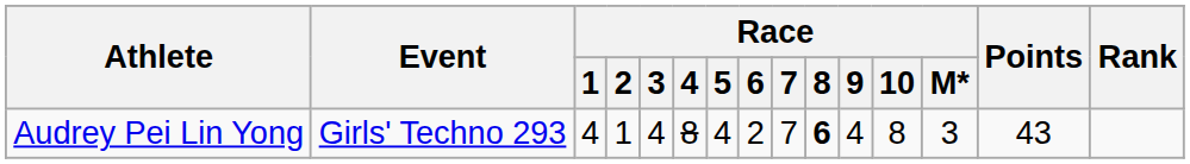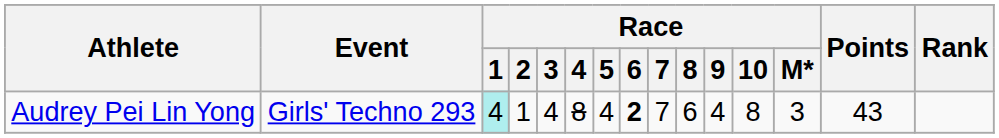 <table class="wikitable" border="1" style="font-size:90%">
 <tr>
 <th rowspan=2>Athlete</th>
 <th rowspan=2>Event</th>
 <th colspan=11>Race</th>
 <th rowspan=2>Points</th>
 <th rowspan=2>Rank</th>
 </tr>
 <tr>
 <th>1</th>
 <th>2</th>
 <th>3</th>
 <th>4</th>
 <th>5</th>
 <th>6</th>
 <th>7</th>
 <th>8</th>
 <th>9</th>
 <th>10</th>
 <th>M*</th>
 </tr>
 <tr>
 <td><a href='#'>Audrey Pei Lin Yong</a></td>
 <td><a href='#'>Girls' Techno 293</a></td>
-<td align=center>4</td>
+<td align=center style="background: paleturquoise;">4</td>
 <td align=center>1</td>
 <td align=center>4</td>
 <td align=center><s>8</s></td>
 <td align=center>4</td>
-<td align=center>2</td>
+<td align=center><strong>2</strong></td>
 <td align=center>7</td>
-<td align=center><strong>6</strong></td>
+<td align=center>6</td>
 <td align=center>4</td>
 <td align=center>8</td>
 <td align=center>3</td>
 <td align=center>43</td>
 <td align=center></td>
 </tr>
 </table>
